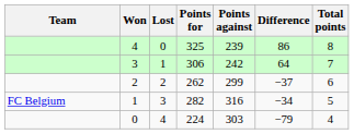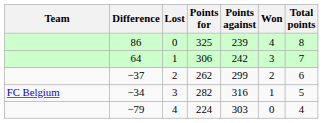 <table class="wikitable" style="text-align:center;">
 <tr>
 <th width=150>Team</th>
-<th width=20>Won</th>
+<th width=30>Difference</th>
 <th width=20>Lost</th>
 <th width=30>Points for</th>
 <th width=30>Points against</th>
-<th width=30>Difference</th>
+<th width=20>Won</th>
 <th width=20>Total points</th>
 </tr>
 <tr bgcolor="#ccffcc">
 <td align=left></td>
-<td>4</td>
+<td>86</td>
 <td>0</td>
 <td>325</td>
 <td>239</td>
-<td>86</td>
+<td>4</td>
 <td>8</td>
 </tr>
 <tr bgcolor="#ccffcc">
 <td align=left></td>
-<td>3</td>
+<td>64</td>
 <td>1</td>
 <td>306</td>
 <td>242</td>
-<td>64</td>
+<td>3</td>
 <td>7</td>
 </tr>
 <tr>
 <td align=left></td>
-<td>2</td>
+<td>−37</td>
 <td>2</td>
 <td>262</td>
 <td>299</td>
-<td>−37</td>
+<td>2</td>
 <td>6</td>
 </tr>
 <tr>
 <td align=left> <a href='#'>FC Belgium</a></td>
-<td>1</td>
+<td>−34</td>
 <td>3</td>
 <td>282</td>
 <td>316</td>
-<td>−34</td>
+<td>1</td>
 <td>5</td>
 </tr>
 <tr>
 <td align=left></td>
-<td>0</td>
+<td>−79</td>
 <td>4</td>
 <td>224</td>
 <td>303</td>
-<td>−79</td>
+<td>0</td>
 <td>4</td>
 </tr>
 </table>
